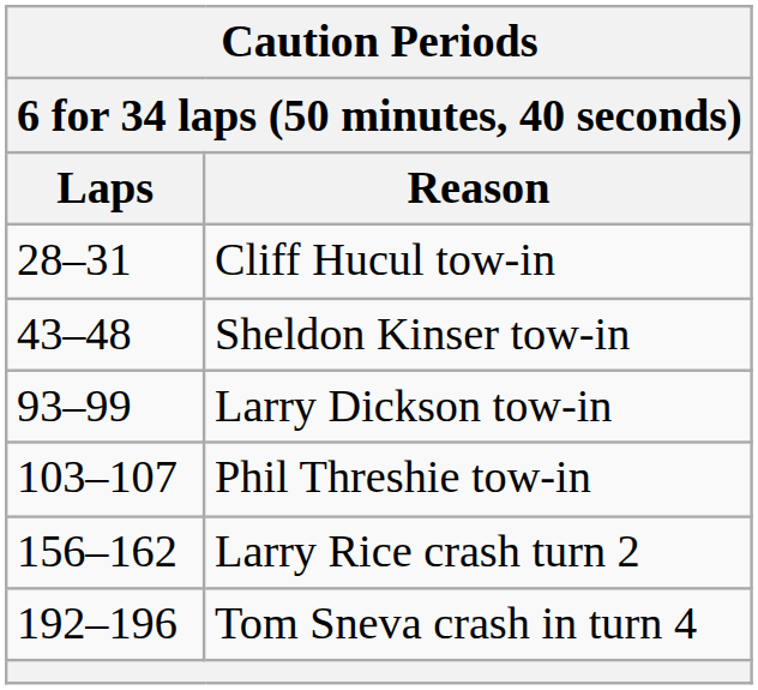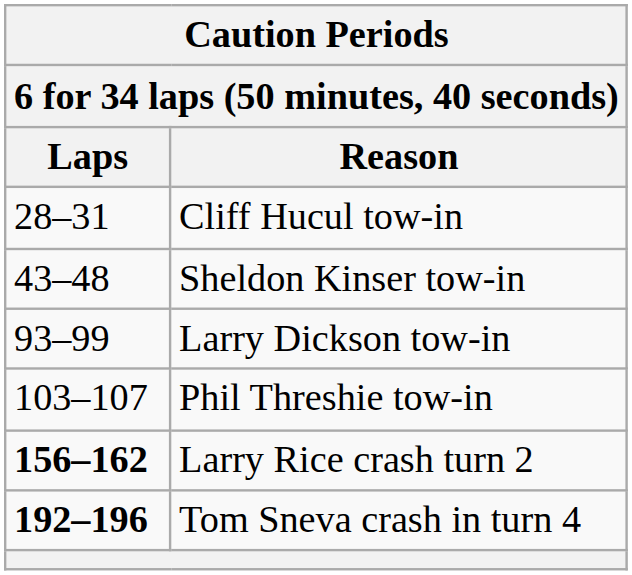 <table class="wikitable">
 <tr>
 <th colspan=2>Caution Periods</th>
 </tr>
 <tr>
 <th colspan=2>6 for 34 laps (50 minutes, 40 seconds)</th>
 </tr>
 <tr>
 <th>Laps</th>
 <th>Reason</th>
 </tr>
 <tr>
 <td>28–31</td>
 <td>Cliff Hucul tow-in</td>
 </tr>
 <tr>
 <td>43–48</td>
 <td>Sheldon Kinser tow-in</td>
 </tr>
 <tr>
 <td>93–99</td>
 <td>Larry Dickson tow-in</td>
 </tr>
 <tr>
 <td>103–107</td>
 <td>Phil Threshie tow-in</td>
 </tr>
 <tr>
-<td>156–162</td>
+<td><strong>156–162</strong></td>
 <td>Larry Rice crash turn 2</td>
 </tr>
 <tr>
-<td>192–196</td>
+<td><strong>192–196</strong></td>
 <td>Tom Sneva crash in turn 4</td>
 </tr>
 <tr>
 <th colspan=4></th>
 </tr>
 </table>
